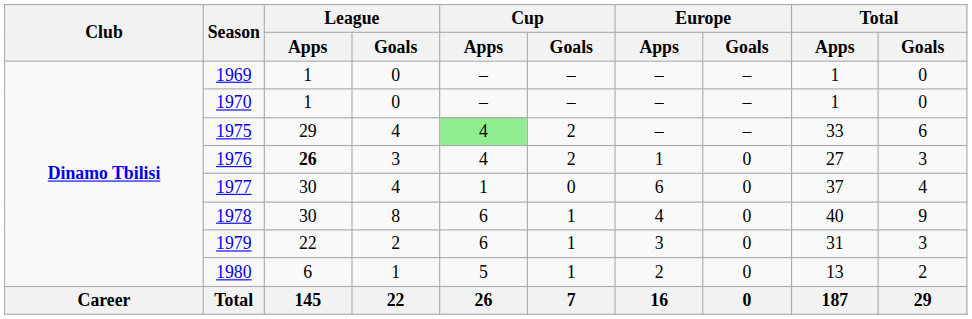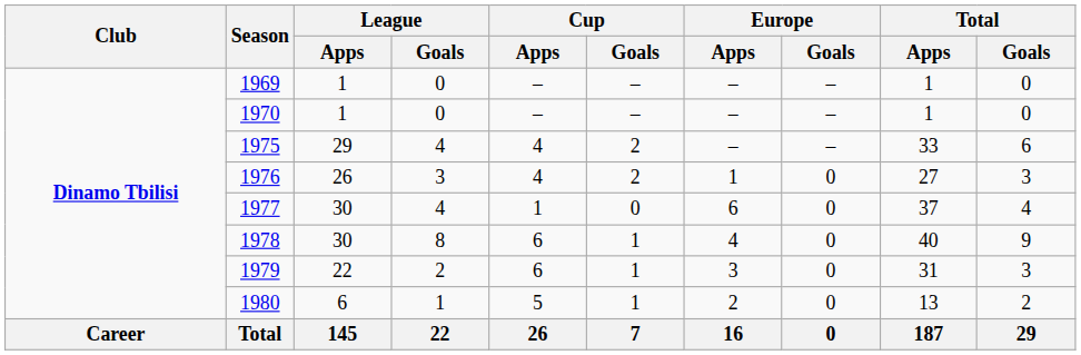 <table class="wikitable" style="text-align: center;">
 <tr>
 <th rowspan="2" width="200">Club</th>
 <th rowspan="2">Season</th>
 <th colspan="2">League</th>
 <th colspan="2">Cup</th>
 <th colspan="2">Europe</th>
 <th colspan="2">Total</th>
 </tr>
 <tr>
 <th width="80">Apps</th>
 <th width="80">Goals</th>
 <th width="80">Apps</th>
 <th width="80">Goals</th>
 <th width="80">Apps</th>
 <th width="80">Goals</th>
 <th width="80">Apps</th>
 <th width="80">Goals</th>
 </tr>
 <tr>
 <td rowspan="8"><strong><a href='#'>Dinamo Tbilisi</a></strong></td>
 <td><a href='#'>1969</a></td>
 <td>1</td>
 <td>0</td>
 <td>–</td>
 <td>–</td>
 <td>–</td>
 <td>–</td>
 <td>1</td>
 <td>0</td>
 </tr>
 <tr>
 <td><a href='#'>1970</a></td>
 <td>1</td>
 <td>0</td>
 <td>–</td>
 <td>–</td>
 <td>–</td>
 <td>–</td>
 <td>1</td>
 <td>0</td>
 </tr>
 <tr>
 <td><a href='#'>1975</a></td>
 <td>29</td>
 <td>4</td>
-<td style="background: lightgreen;">4</td>
+<td>4</td>
 <td>2</td>
 <td>–</td>
 <td>–</td>
 <td>33</td>
 <td>6</td>
 </tr>
 <tr>
 <td><a href='#'>1976</a></td>
-<td><strong>26</strong></td>
+<td>26</td>
 <td>3</td>
 <td>4</td>
 <td>2</td>
 <td>1</td>
 <td>0</td>
 <td>27</td>
 <td>3</td>
 </tr>
 <tr>
 <td><a href='#'>1977</a></td>
 <td>30</td>
 <td>4</td>
 <td>1</td>
 <td>0</td>
 <td>6</td>
 <td>0</td>
 <td>37</td>
 <td>4</td>
 </tr>
 <tr>
 <td><a href='#'>1978</a></td>
 <td>30</td>
 <td>8</td>
 <td>6</td>
 <td>1</td>
 <td>4</td>
 <td>0</td>
 <td>40</td>
 <td>9</td>
 </tr>
 <tr>
 <td><a href='#'>1979</a></td>
 <td>22</td>
 <td>2</td>
 <td>6</td>
 <td>1</td>
 <td>3</td>
 <td>0</td>
 <td>31</td>
 <td>3</td>
 </tr>
 <tr>
 <td><a href='#'>1980</a></td>
 <td>6</td>
 <td>1</td>
 <td>5</td>
 <td>1</td>
 <td>2</td>
 <td>0</td>
 <td>13</td>
 <td>2</td>
 </tr>
 <tr>
 <th>Career</th>
 <th>Total</th>
 <th>145</th>
 <th>22</th>
 <th>26</th>
 <th>7</th>
 <th>16</th>
 <th>0</th>
 <th>187</th>
 <th>29</th>
 </tr>
 </table>
